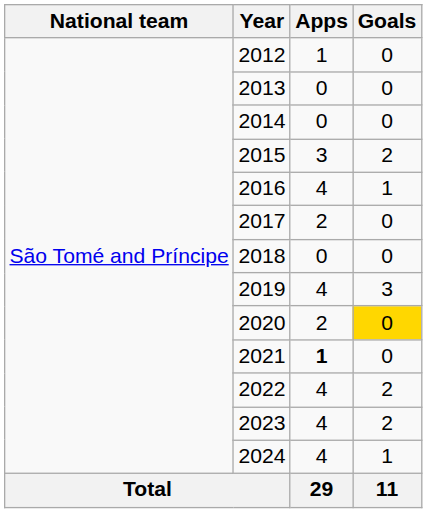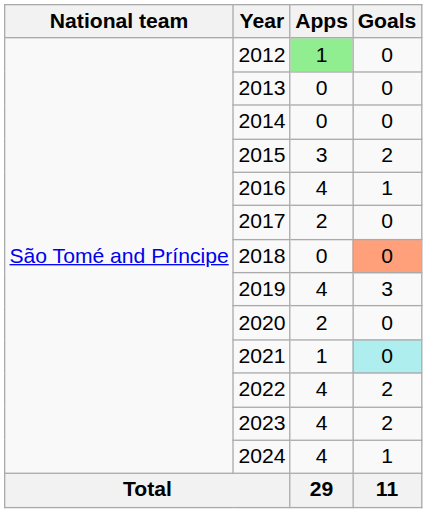 <table class="wikitable" style="text-align:center">
 <tr>
 <th>National team</th>
 <th>Year</th>
 <th>Apps</th>
 <th>Goals</th>
 </tr>
 <tr>
 <td rowspan=13><a href='#'>São Tomé and Príncipe</a></td>
 <td>2012</td>
-<td>1</td>
+<td style="background: lightgreen;">1</td>
 <td>0</td>
 </tr>
 <tr>
 <td>2013</td>
 <td>0</td>
 <td>0</td>
 </tr>
 <tr>
 <td>2014</td>
 <td>0</td>
 <td>0</td>
 </tr>
 <tr>
 <td>2015</td>
 <td>3</td>
 <td>2</td>
 </tr>
 <tr>
 <td>2016</td>
 <td>4</td>
 <td>1</td>
 </tr>
 <tr>
 <td>2017</td>
 <td>2</td>
 <td>0</td>
 </tr>
 <tr>
 <td>2018</td>
 <td>0</td>
-<td>0</td>
+<td style="background: lightsalmon;">0</td>
 </tr>
 <tr>
 <td>2019</td>
 <td>4</td>
 <td>3</td>
 </tr>
 <tr>
 <td>2020</td>
 <td>2</td>
-<td style="background: gold;">0</td>
+<td>0</td>
 </tr>
 <tr>
 <td>2021</td>
-<td><strong>1</strong></td>
-<td>0</td>
+<td>1</td>
+<td style="background: paleturquoise;">0</td>
 </tr>
 <tr>
 <td>2022</td>
 <td>4</td>
 <td>2</td>
 </tr>
 <tr>
 <td>2023</td>
 <td>4</td>
 <td>2</td>
 </tr>
 <tr>
 <td>2024</td>
 <td>4</td>
 <td>1</td>
 </tr>
 <tr>
 <th colspan=2>Total</th>
 <th>29</th>
 <th>11</th>
 </tr>
 </table>
